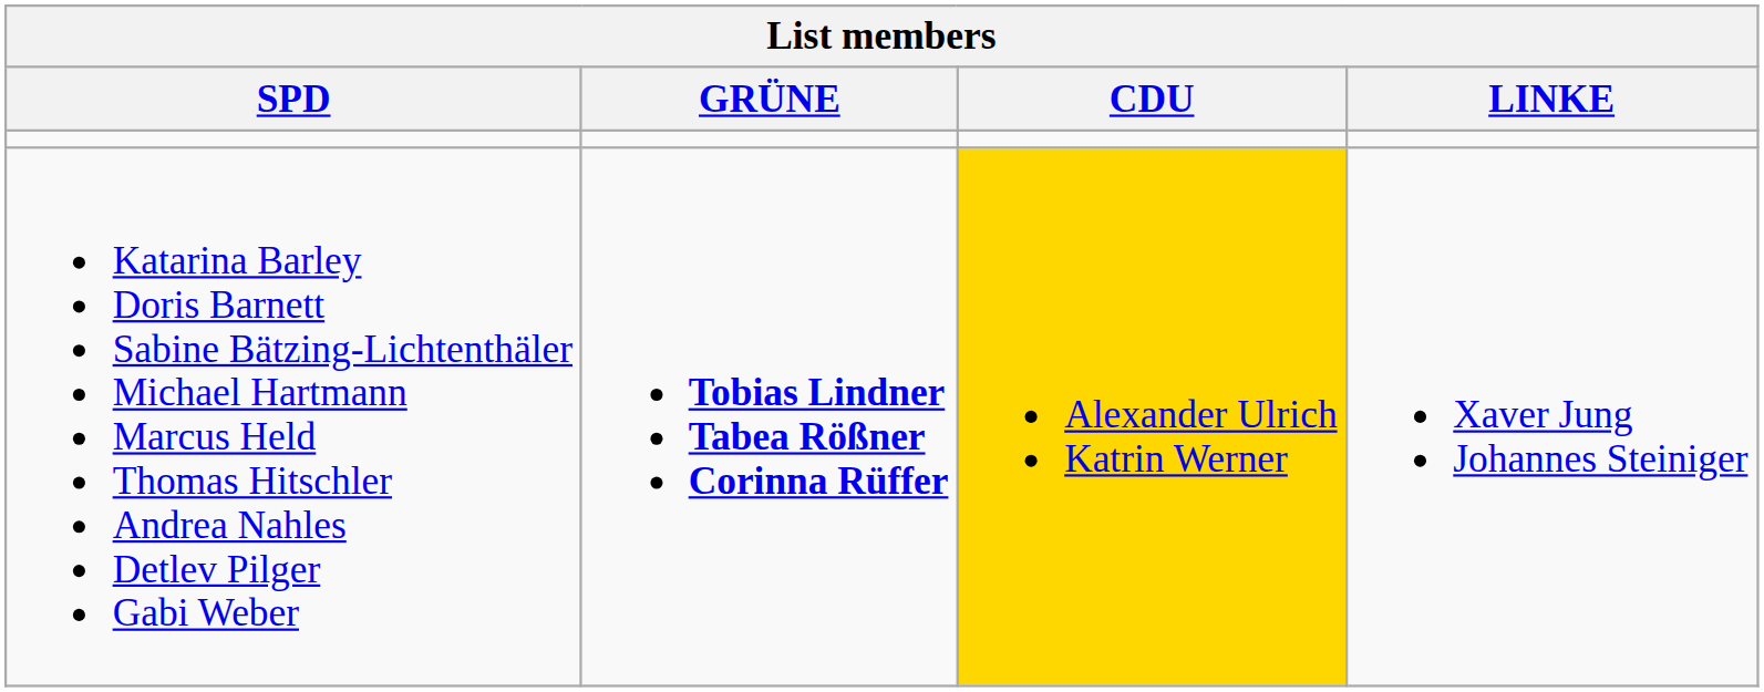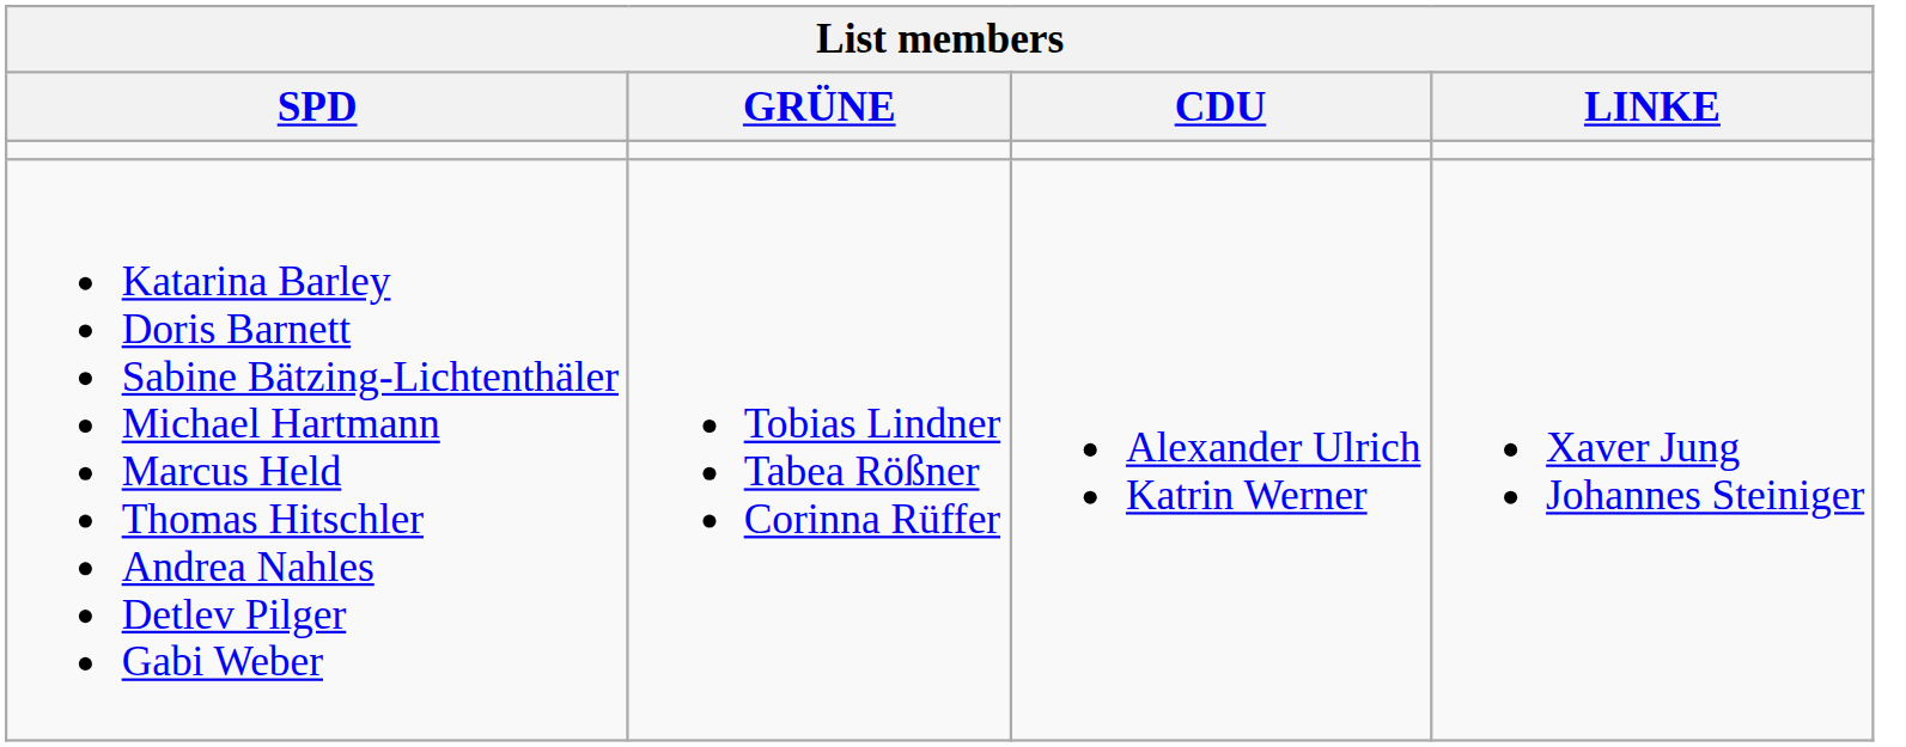 <table class=wikitable>
 <tr>
 <th colspan=4>List members</th>
 </tr>
 <tr>
 <th><a href='#'>SPD</a></th>
 <th><a href='#'>GRÜNE</a></th>
 <th><a href='#'>CDU</a></th>
 <th><a href='#'>LINKE</a></th>
 </tr>
 <tr>
 <td bgcolor=></td>
 <td bgcolor=></td>
 <td bgcolor=></td>
 <td bgcolor=></td>
 </tr>
 <tr>
 <td><br><ul><li><a href='#'>Katarina Barley</a></li><li><a href='#'>Doris Barnett</a></li><li><a href='#'>Sabine Bätzing-Lichtenthäler</a></li><li><a href='#'>Michael Hartmann</a></li><li><a href='#'>Marcus Held</a></li><li><a href='#'>Thomas Hitschler</a></li><li><a href='#'>Andrea Nahles</a></li><li><a href='#'>Detlev Pilger</a></li><li><a href='#'>Gabi Weber</a></li></ul></td>
-<td><strong><br><ul><li><a href='#'>Tobias Lindner</a></li><li><a href='#'>Tabea Rößner</a></li><li><a href='#'>Corinna Rüffer</a></li></ul></strong></td>
-<td style="background: gold;"><br><ul><li><a href='#'>Alexander Ulrich</a></li><li><a href='#'>Katrin Werner</a></li></ul></td>
+<td><br><ul><li><a href='#'>Tobias Lindner</a></li><li><a href='#'>Tabea Rößner</a></li><li><a href='#'>Corinna Rüffer</a></li></ul></td>
+<td><br><ul><li><a href='#'>Alexander Ulrich</a></li><li><a href='#'>Katrin Werner</a></li></ul></td>
 <td><br><ul><li><a href='#'>Xaver Jung</a></li><li><a href='#'>Johannes Steiniger</a></li></ul></td>
 </tr>
 </table>
